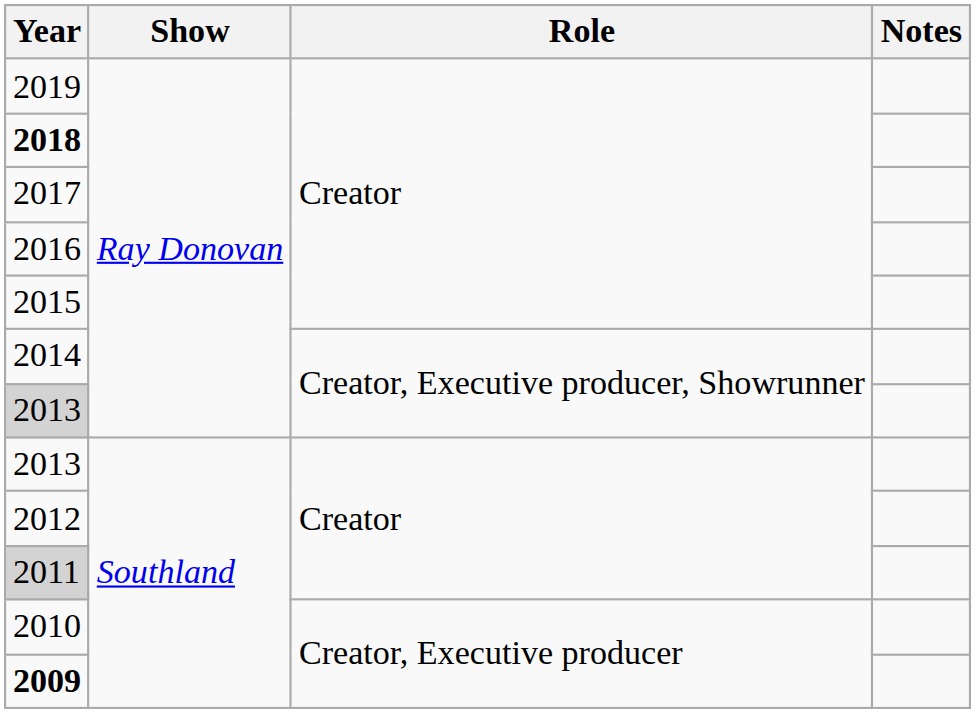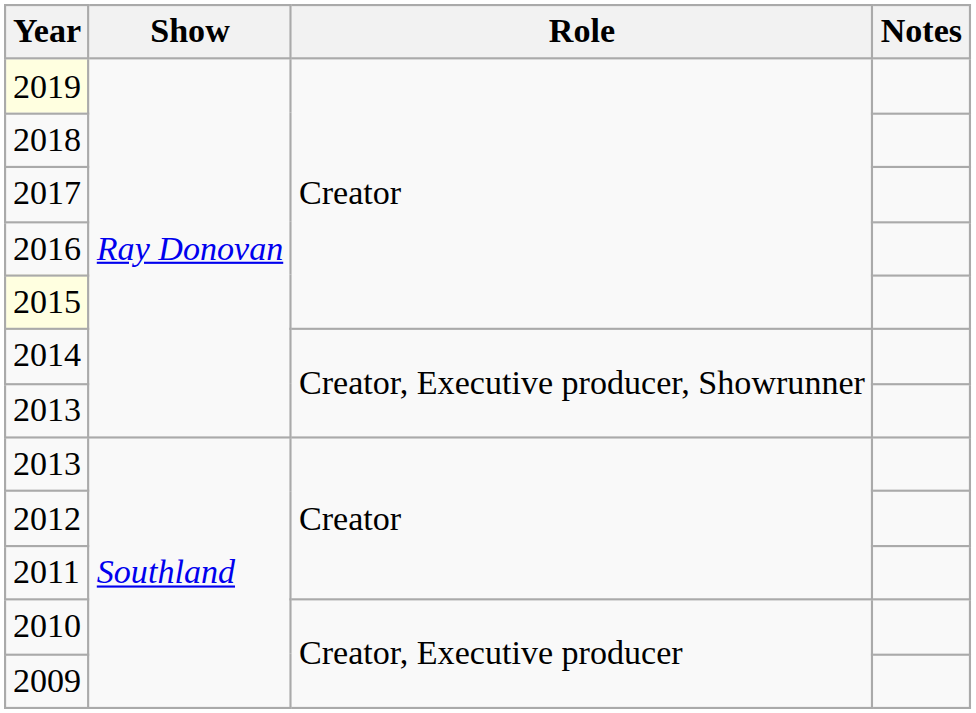 <table class="wikitable">
 <tr>
 <th>Year</th>
 <th>Show</th>
 <th>Role</th>
 <th>Notes</th>
 </tr>
 <tr>
-<td>2019</td>
+<td style="background: lightyellow;">2019</td>
 <td rowspan="7"><em><a href='#'>Ray Donovan</a></em></td>
 <td rowspan="5">Creator</td>
 <td></td>
 </tr>
 <tr>
-<td><strong>2018</strong></td>
+<td>2018</td>
 <td></td>
 </tr>
 <tr>
 <td>2017</td>
 <td></td>
 </tr>
 <tr>
 <td>2016</td>
 <td></td>
 </tr>
 <tr>
-<td>2015</td>
+<td style="background: lightyellow;">2015</td>
 <td></td>
 </tr>
 <tr>
 <td>2014</td>
 <td rowspan="2">Creator, Executive producer, Showrunner</td>
 <td></td>
 </tr>
 <tr>
-<td style="background: lightgrey;">2013</td>
+<td>2013</td>
 <td></td>
 </tr>
 <tr>
 <td>2013</td>
 <td rowspan="5"><em><a href='#'>Southland</a></em></td>
 <td rowspan="3">Creator</td>
 <td></td>
 </tr>
 <tr>
 <td>2012</td>
 <td></td>
 </tr>
 <tr>
-<td style="background: lightgrey;">2011</td>
+<td>2011</td>
 <td></td>
 </tr>
 <tr>
 <td>2010</td>
 <td rowspan="2">Creator, Executive producer</td>
 <td></td>
 </tr>
 <tr>
-<td><strong>2009</strong></td>
+<td>2009</td>
 <td></td>
 </tr>
 </table>
